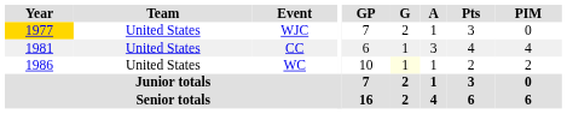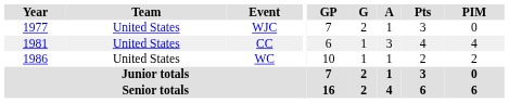 <table border="0" cellpadding="1" cellspacing="0" ID="Table3" style="text-align:center; width:40em">
 <tr bgcolor="#e0e0e0">
 <th>Year</th>
 <th>Team</th>
 <th>Event</th>
 <th rowspan="102" bgcolor="#ffffff"></th>
 <th>GP</th>
 <th>G</th>
 <th>A</th>
 <th>Pts</th>
 <th>PIM</th>
 </tr>
 <tr>
-<td style="background: gold;"><a href='#'>1977</a></td>
+<td><a href='#'>1977</a></td>
 <td><a href='#'>United States</a></td>
 <td><a href='#'>WJC</a></td>
 <td>7</td>
 <td>2</td>
 <td>1</td>
 <td>3</td>
 <td>0</td>
 </tr>
 <tr bgcolor="#f0f0f0">
 <td><a href='#'>1981</a></td>
 <td><a href='#'>United States</a></td>
 <td><a href='#'>CC</a></td>
 <td>6</td>
 <td>1</td>
 <td>3</td>
 <td>4</td>
 <td>4</td>
 </tr>
 <tr>
 <td><a href='#'>1986</a></td>
 <td>United States</td>
 <td><a href='#'>WC</a></td>
 <td>10</td>
-<td style="background: lightyellow;">1</td>
+<td>1</td>
 <td>1</td>
 <td>2</td>
 <td>2</td>
 </tr>
 <tr bgcolor="#e0e0e0">
 <th colspan="4">Junior totals</th>
 <th>7</th>
 <th>2</th>
 <th>1</th>
 <th>3</th>
 <th>0</th>
 </tr>
 <tr bgcolor="#e0e0e0">
 <th colspan="4">Senior totals</th>
 <th>16</th>
 <th>2</th>
 <th>4</th>
 <th>6</th>
 <th>6</th>
 </tr>
 </table>
